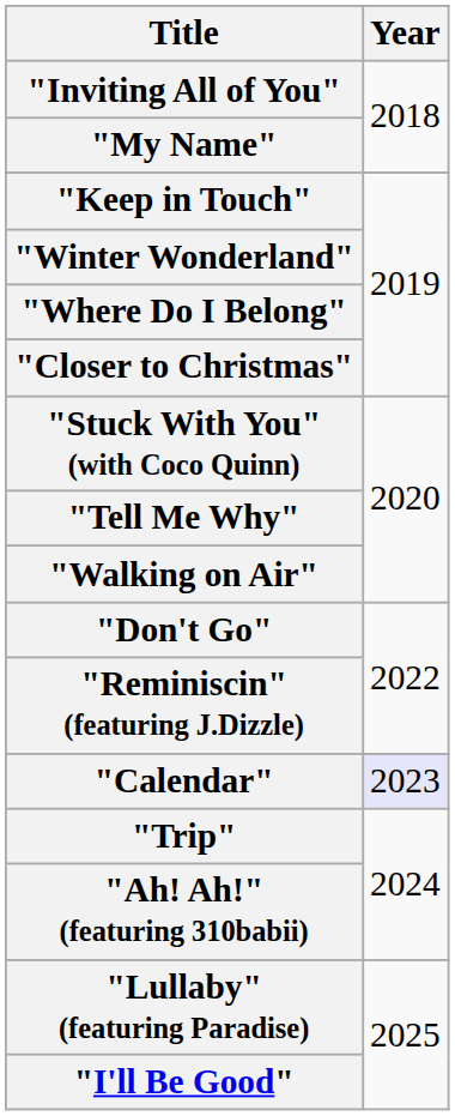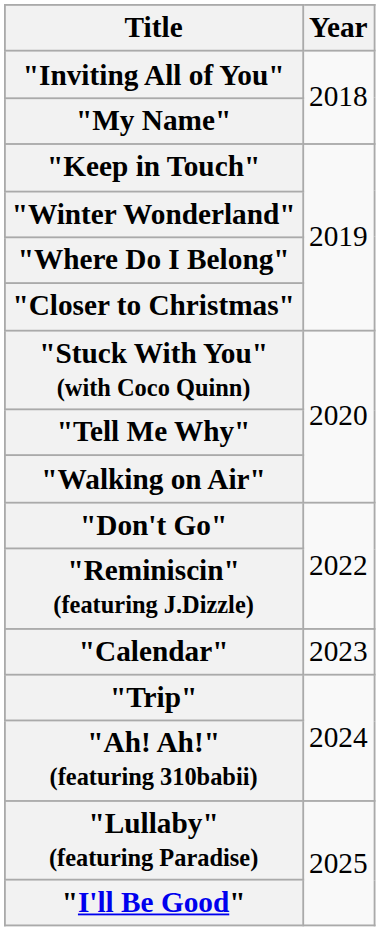 <table class="wikitable plainrowheaders" style="text-align:center;">
 <tr>
 <th scope="col">Title</th>
 <th scope="col">Year</th>
 </tr>
 <tr>
 <th scope="row">"Inviting All of You"</th>
 <td rowspan="2">2018</td>
 </tr>
 <tr>
 <th scope="row">"My Name"</th>
 </tr>
 <tr>
 <th scope="row">"Keep in Touch"</th>
 <td rowspan="4">2019</td>
 </tr>
 <tr>
 <th scope="row">"Winter Wonderland"</th>
 </tr>
 <tr>
 <th scope="row">"Where Do I Belong"</th>
 </tr>
 <tr>
 <th scope="row">"Closer to Christmas"</th>
 </tr>
 <tr>
 <th scope="row">"Stuck With You"<br><small>(with Coco Quinn)</small></th>
 <td rowspan="3">2020</td>
 </tr>
 <tr>
 <th scope="row">"Tell Me Why"</th>
 </tr>
 <tr>
 <th scope="row">"Walking on Air"</th>
 </tr>
 <tr>
 <th scope="row">"Don't Go"</th>
 <td rowspan="2">2022</td>
 </tr>
 <tr>
 <th scope="row">"Reminiscin"<br><small>(featuring J.Dizzle)</small></th>
 </tr>
 <tr>
 <th scope="row">"Calendar"</th>
-<td style="background: lavender;">2023</td>
+<td>2023</td>
 </tr>
 <tr>
 <th scope="row">"Trip"</th>
 <td rowspan="2">2024</td>
 </tr>
 <tr>
 <th scope="row">"Ah! Ah!"<br><small>(featuring 310babii)</small></th>
 </tr>
 <tr>
 <th scope="row">"Lullaby"<br><small>(featuring Paradise)</small></th>
 <td rowspan="2">2025</td>
 </tr>
 <tr>
 <th scope="row">"<a href='#'>I'll Be Good</a>"</th>
 </tr>
 </table>
